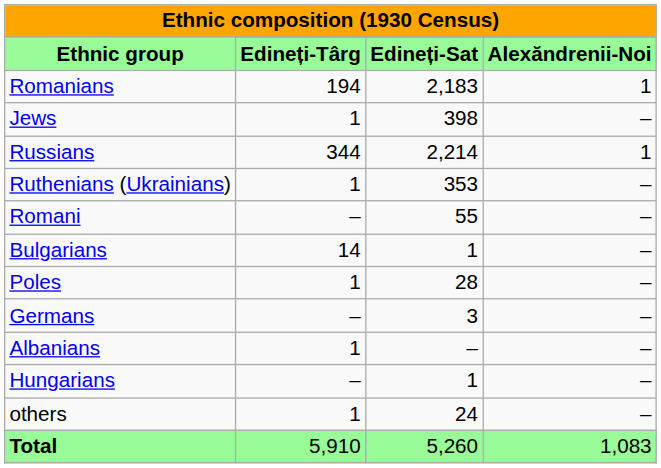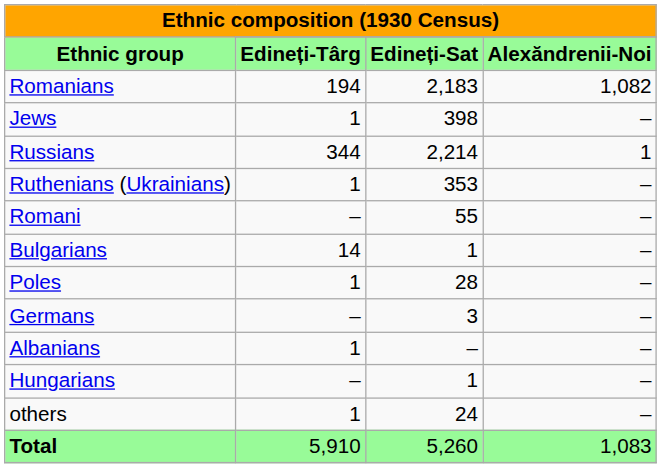 <table class="wikitable" style="float">
 <tr ---->
 <td colspan="8" align="center" bgcolor="#FFA500"><strong>Ethnic composition (1930 Census)</strong></td>
 </tr>
 <tr ---->
 <td rowspan="2" align="center" bgcolor="#98FB98"><strong>Ethnic group</strong></td>
 </tr>
 <tr ---->
 <td align="center" bgcolor="#98FB98"><strong>Edineți-Târg</strong></td>
 <td align="center" bgcolor="#98FB98"><strong>Edineți-Sat</strong></td>
 <td align="center" bgcolor="#98FB98"><strong>Alexăndrenii-Noi</strong></td>
 </tr>
 <tr ---->
 <td align=left><a href='#'>Romanians</a></td>
 <td align=right>194</td>
 <td align=right>2,183</td>
-<td align=right>1</td>
+<td align=right>1,082</td>
 </tr>
 <tr ---->
 <td align=left><a href='#'>Jews</a></td>
 <td align=right>1</td>
 <td align=right>398</td>
 <td align=right>–</td>
 </tr>
 <tr ---->
 <td align=left><a href='#'>Russians</a></td>
 <td align=right>344</td>
 <td align=right>2,214</td>
 <td align=right>1</td>
 </tr>
 <tr ---->
 <td align=left><a href='#'>Ruthenians</a> (<a href='#'>Ukrainians</a>)</td>
 <td align=right>1</td>
 <td align=right>353</td>
 <td align=right>–</td>
 </tr>
 <tr ---->
 <td align=left><a href='#'>Romani</a></td>
 <td align=right>–</td>
 <td align=right>55</td>
 <td align=right>–</td>
 </tr>
 <tr ---->
 <td align=left><a href='#'>Bulgarians</a></td>
 <td align=right>14</td>
 <td align=right>1</td>
 <td align=right>–</td>
 </tr>
 <tr ---->
 <td aligm=left><a href='#'>Poles</a></td>
 <td align=right>1</td>
 <td align=right>28</td>
 <td align=right>–</td>
 </tr>
 <tr ---->
 <td align=left><a href='#'>Germans</a></td>
 <td align=right>–</td>
 <td align=right>3</td>
 <td align=right>–</td>
 </tr>
 <tr ---->
 <td align=left><a href='#'>Albanians</a></td>
 <td align=right>1</td>
 <td align=right>–</td>
 <td align=right>–</td>
 </tr>
 <tr ---->
 <td align=left><a href='#'>Hungarians</a></td>
 <td align=right>–</td>
 <td align=right>1</td>
 <td align=right>–</td>
 </tr>
 <tr ---->
 <td align=left>others</td>
 <td align=right>1</td>
 <td align=right>24</td>
 <td align=right>–</td>
 </tr>
 <tr ---->
 <td align=left bgcolor="#98FB98"><strong>Total</strong></td>
 <td align=right bgcolor="#98FB98">5,910</td>
 <td align=right bgcolor="#98FB98">5,260</td>
 <td align=right bgcolor="#98FB98">1,083</td>
 </tr>
 <tr ---->
 </tr>
 </table>
